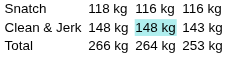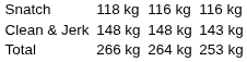 <table>
 <tr>
 <td>Snatch</td>
 <td></td>
 <td>118 kg</td>
 <td></td>
 <td>116 kg</td>
 <td></td>
 <td>116 kg</td>
 </tr>
 <tr>
 <td>Clean & Jerk</td>
 <td></td>
 <td>148 kg</td>
 <td></td>
-<td style="background: paleturquoise;">148 kg</td>
+<td>148 kg</td>
 <td></td>
 <td>143 kg</td>
 </tr>
 <tr>
 <td>Total</td>
 <td></td>
 <td>266 kg</td>
 <td></td>
 <td>264 kg</td>
 <td></td>
 <td>253 kg</td>
 </tr>
 </table>
